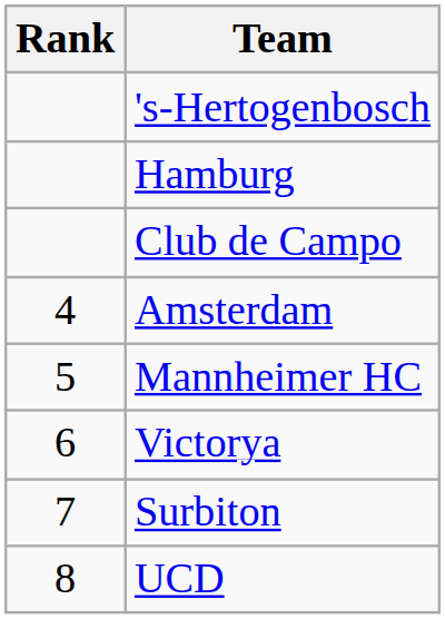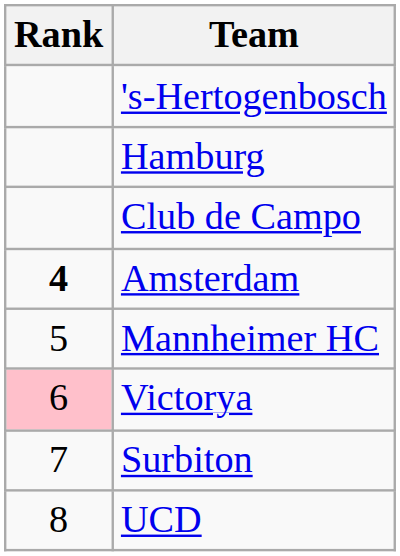 <table class=wikitable style="text-align:center">
 <tr>
 <th>Rank</th>
 <th>Team</th>
 </tr>
 <tr>
 <td></td>
 <td align=left> <a href='#'>'s-Hertogenbosch</a></td>
 </tr>
 <tr>
 <td></td>
 <td align=left> <a href='#'>Hamburg</a></td>
 </tr>
 <tr>
 <td></td>
 <td align=left> <a href='#'>Club de Campo</a></td>
 </tr>
 <tr>
-<td>4</td>
+<td><strong>4</strong></td>
 <td align=left> <a href='#'>Amsterdam</a></td>
 </tr>
 <tr>
 <td>5</td>
 <td align=left> <a href='#'>Mannheimer HC</a></td>
 </tr>
 <tr>
-<td>6</td>
+<td style="background: pink;">6</td>
 <td align=left> <a href='#'>Victorya</a></td>
 </tr>
 <tr>
 <td>7</td>
 <td align=left> <a href='#'>Surbiton</a></td>
 </tr>
 <tr>
 <td>8</td>
 <td align=left> <a href='#'>UCD</a></td>
 </tr>
 </table>
